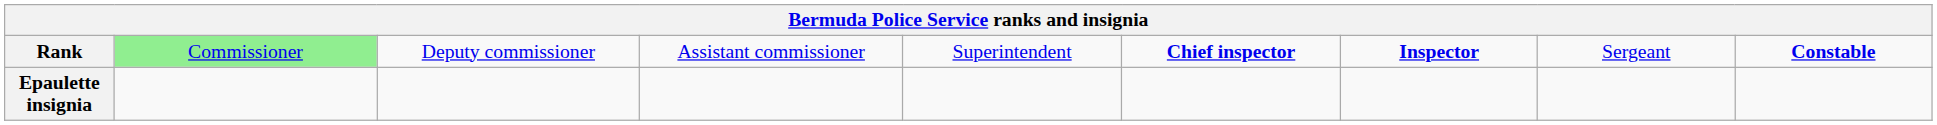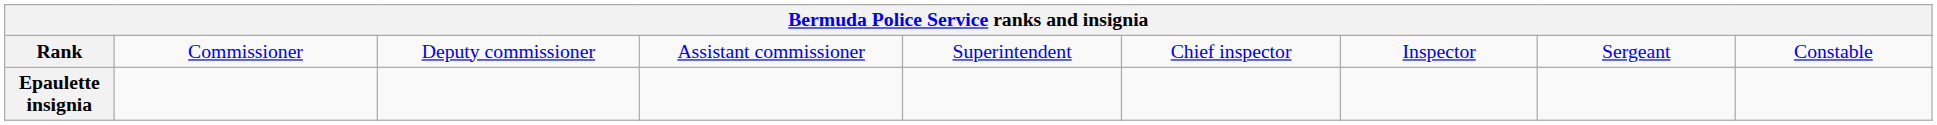 <table class="wikitable" style="text-align: center;">
 <tr>
 <th colspan=10><a href='#'>Bermuda Police Service</a> ranks and insignia</th>
 </tr>
 <tr>
 <th Width=5%>Rank</th>
-<td Width=12% style="background: lightgreen;"><a href='#'>Commissioner</a></td>
+<td Width=12%><a href='#'>Commissioner</a></td>
 <td Width=12%><a href='#'>Deputy commissioner</a></td>
 <td Width=12%><a href='#'>Assistant commissioner</a></td>
 <td Width=10%><a href='#'>Superintendent</a></td>
-<td Width=10%><strong><a href='#'>Chief inspector</a></strong></td>
-<td Width=9%><strong><a href='#'>Inspector</a></strong></td>
+<td Width=10%><a href='#'>Chief inspector</a></td>
+<td Width=9%><a href='#'>Inspector</a></td>
 <td Width=9%><a href='#'>Sergeant</a></td>
-<td Width=9%><strong><a href='#'>Constable</a></strong></td>
+<td Width=9%><a href='#'>Constable</a></td>
 </tr>
 <tr>
 <th>Epaulette insignia</th>
 <td></td>
 <td></td>
 <td></td>
 <td></td>
 <td></td>
 <td></td>
 <td></td>
 <td></td>
 </tr>
 </table>
